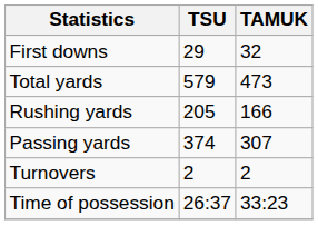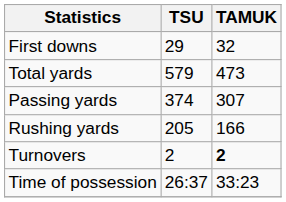 <table class="wikitable">
 <tr>
 <th>Statistics</th>
 <th>TSU</th>
 <th>TAMUK</th>
 </tr>
 <tr>
 <td>First downs</td>
 <td>29</td>
 <td>32</td>
 </tr>
 <tr>
 <td>Total yards</td>
 <td>579</td>
 <td>473</td>
 </tr>
 <tr>
+<td>Passing yards</td>
+<td>374</td>
+<td>307</td>
+</tr>
+<tr>
 <td>Rushing yards</td>
 <td>205</td>
 <td>166</td>
 </tr>
 <tr>
-<td>Passing yards</td>
-<td>374</td>
-<td>307</td>
-</tr>
-<tr>
 <td>Turnovers</td>
 <td>2</td>
-<td>2</td>
+<td><strong>2</strong></td>
 </tr>
 <tr>
 <td>Time of possession</td>
 <td>26:37</td>
 <td>33:23</td>
 </tr>
 <tr>
 </tr>
 </table>
